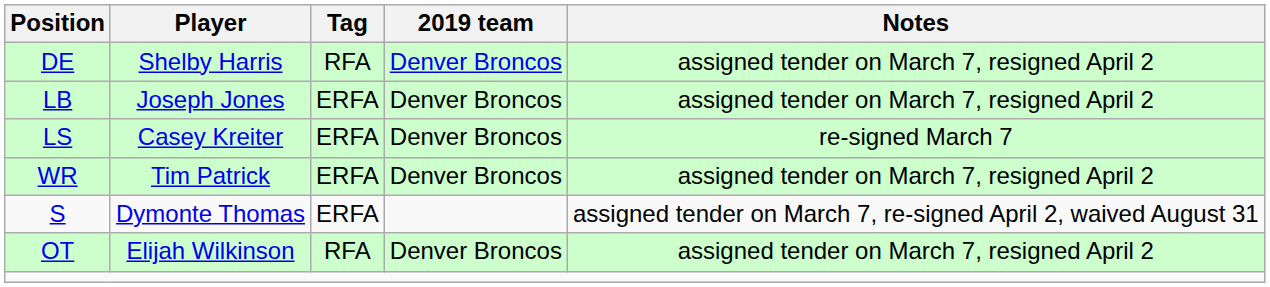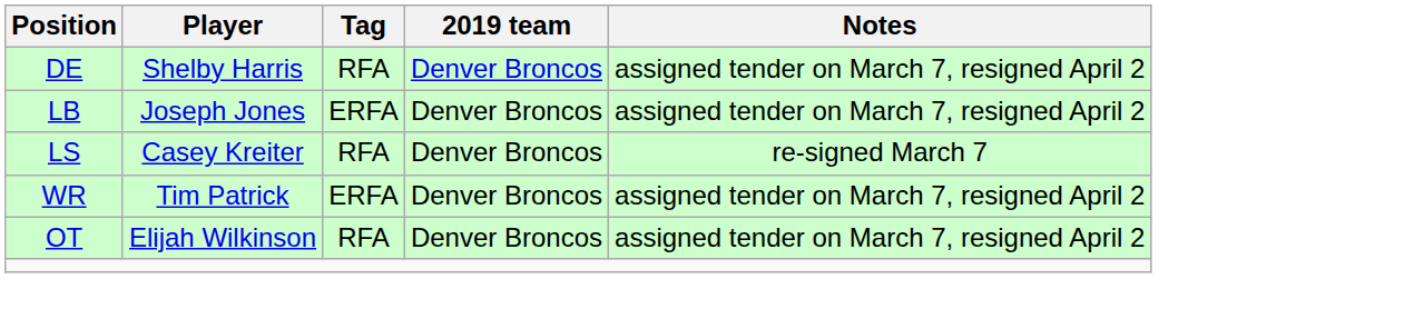 <table class="wikitable" style="text-align:center">
 <tr>
 <th>Position</th>
 <th>Player</th>
 <th>Tag</th>
 <th>2019 team</th>
 <th>Notes</th>
 </tr>
 <tr style="background:#cfc">
 <td><a href='#'>DE</a></td>
 <td><a href='#'>Shelby Harris</a></td>
 <td>RFA</td>
 <td><a href='#'>Denver Broncos</a></td>
 <td>assigned tender on March 7, resigned April 2</td>
 </tr>
 <tr style="background:#cfc">
 <td><a href='#'>LB</a></td>
 <td><a href='#'>Joseph Jones</a></td>
 <td>ERFA</td>
 <td>Denver Broncos</td>
 <td>assigned tender on March 7, resigned April 2</td>
 </tr>
 <tr style="background:#cfc">
 <td><a href='#'>LS</a></td>
 <td><a href='#'>Casey Kreiter</a></td>
-<td>ERFA</td>
+<td>RFA</td>
 <td>Denver Broncos</td>
 <td>re-signed March 7</td>
 </tr>
 <tr style="background:#cfc">
 <td><a href='#'>WR</a></td>
 <td><a href='#'>Tim Patrick</a></td>
 <td>ERFA</td>
 <td>Denver Broncos</td>
 <td>assigned tender on March 7, resigned April 2</td>
-</tr>
-<tr>
-<td><a href='#'>S</a></td>
-<td><a href='#'>Dymonte Thomas</a></td>
-<td>ERFA</td>
-<td></td>
-<td>assigned tender on March 7, re-signed April 2, waived August 31</td>
 </tr>
 <tr style="background:#cfc">
 <td><a href='#'>OT</a></td>
 <td><a href='#'>Elijah Wilkinson</a></td>
 <td>RFA</td>
 <td>Denver Broncos</td>
 <td>assigned tender on March 7, resigned April 2</td>
 </tr>
 <tr>
 <td colspan=5></td>
 </tr>
 </table>
